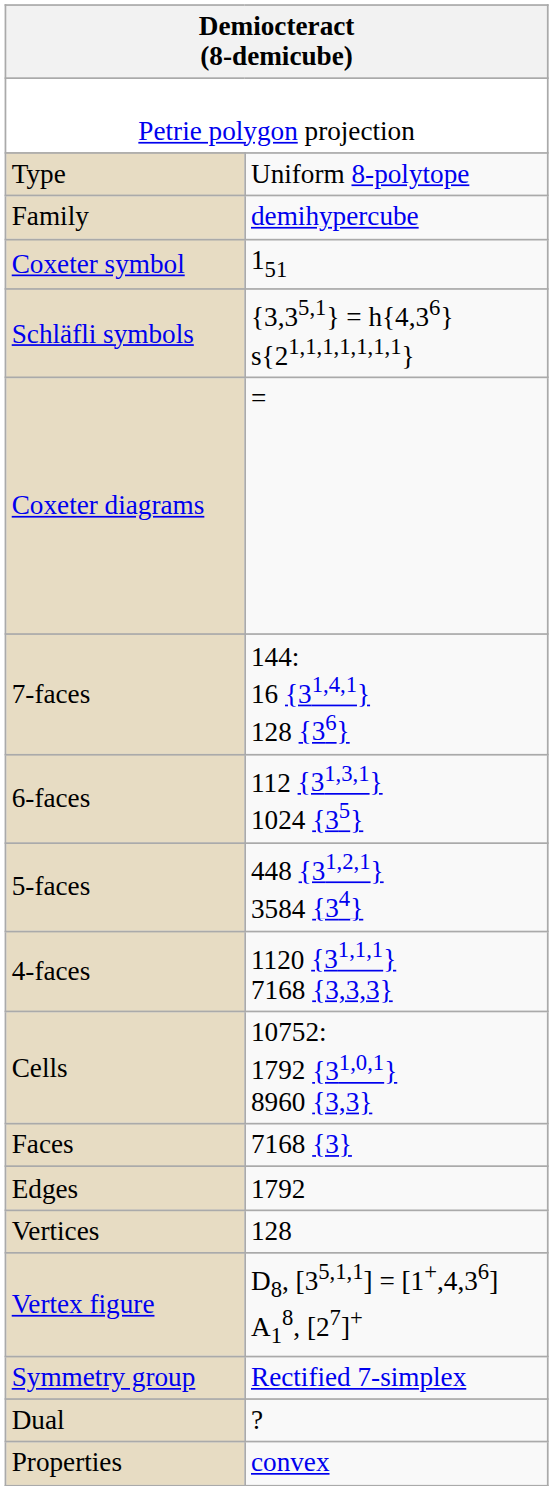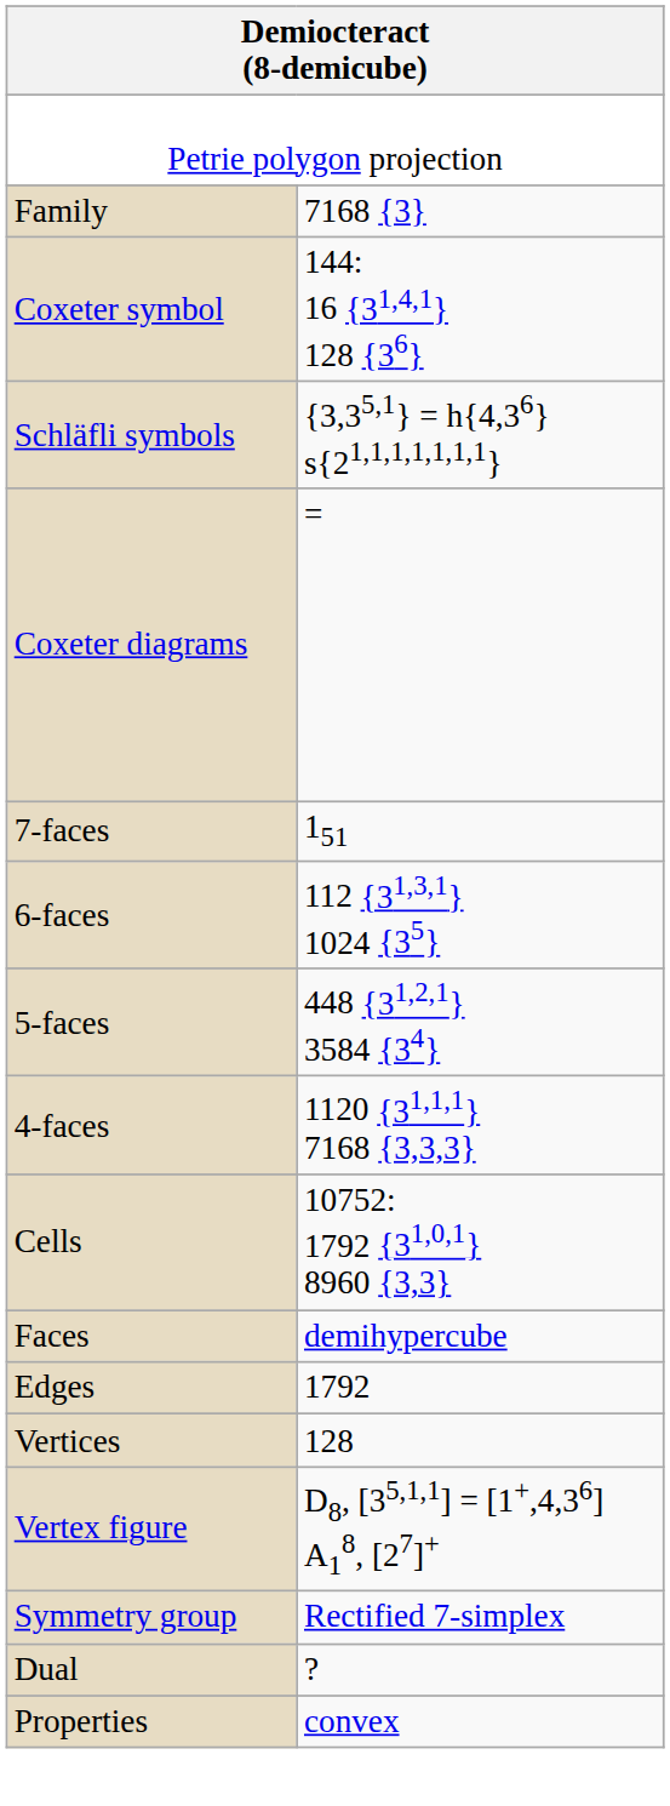 <table class="wikitable" align="right" style="margin-left:10px" width="320">
 <tr>
 <th bgcolor=#e7dcc3 colspan=2>Demiocteract<br>(8-demicube)</th>
 </tr>
 <tr>
 <td bgcolor=#ffffff align=center colspan=2><br><a href='#'>Petrie polygon</a> projection</td>
 </tr>
 <tr>
-<td bgcolor=#e7dcc3>Type</td>
-<td>Uniform <a href='#'>8-polytope</a></td>
-</tr>
-<tr>
 <td bgcolor=#e7dcc3>Family</td>
-<td><a href='#'>demihypercube</a></td>
+<td>7168 <a href='#'>{3}</a></td>
 </tr>
 <tr>
 <td bgcolor=#e7dcc3><a href='#'>Coxeter symbol</a></td>
-<td>1<sub>51</sub></td>
+<td>144:<br>16 <a href='#'>{3<sup>1,4,1</sup>}</a><br>128 <a href='#'>{3<sup>6</sup>}</a></td>
 </tr>
 <tr>
 <td bgcolor=#e7dcc3><a href='#'>Schläfli symbols</a></td>
 <td>{3,3<sup>5,1</sup>} = h{4,3<sup>6</sup>}<br>s{2<sup>1,1,1,1,1,1,1</sup>}</td>
 </tr>
 <tr>
 <td bgcolor=#e7dcc3><a href='#'>Coxeter diagrams</a></td>
 <td> = <br><br><br> <br> <br> <br> <br> <br> </td>
 </tr>
 <tr>
 <td bgcolor=#e7dcc3>7-faces</td>
-<td>144:<br>16 <a href='#'>{3<sup>1,4,1</sup>}</a><br>128 <a href='#'>{3<sup>6</sup>}</a></td>
+<td>1<sub>51</sub></td>
 </tr>
 <tr>
 <td bgcolor=#e7dcc3>6-faces</td>
 <td>112 <a href='#'>{3<sup>1,3,1</sup>}</a><br>1024 <a href='#'>{3<sup>5</sup>}</a></td>
 </tr>
 <tr>
 <td bgcolor=#e7dcc3>5-faces</td>
 <td>448 <a href='#'>{3<sup>1,2,1</sup>}</a><br>3584 <a href='#'>{3<sup>4</sup>}</a></td>
 </tr>
 <tr>
 <td bgcolor=#e7dcc3>4-faces</td>
 <td>1120 <a href='#'>{3<sup>1,1,1</sup>}</a><br>7168 <a href='#'>{3,3,3}</a></td>
 </tr>
 <tr>
 <td bgcolor=#e7dcc3>Cells</td>
 <td>10752:<br>1792 <a href='#'>{3<sup>1,0,1</sup>}</a><br>8960 <a href='#'>{3,3}</a></td>
 </tr>
 <tr>
 <td bgcolor=#e7dcc3>Faces</td>
-<td>7168 <a href='#'>{3}</a></td>
+<td><a href='#'>demihypercube</a></td>
 </tr>
 <tr>
 <td bgcolor=#e7dcc3>Edges</td>
 <td>1792</td>
 </tr>
 <tr>
 <td bgcolor=#e7dcc3>Vertices</td>
 <td>128</td>
 </tr>
 <tr>
 <td bgcolor=#e7dcc3><a href='#'>Vertex figure</a></td>
 <td>D<sub>8</sub>, [3<sup>5,1,1</sup>] = [1<sup>+</sup>,4,3<sup>6</sup>]<br>A<sub>1</sub><sup>8</sup>, [2<sup>7</sup>]<sup>+</sup></td>
 </tr>
 <tr>
 <td bgcolor=#e7dcc3><a href='#'>Symmetry group</a></td>
 <td><a href='#'>Rectified 7-simplex</a><br></td>
 </tr>
 <tr>
 <td bgcolor=#e7dcc3>Dual</td>
 <td>?</td>
 </tr>
 <tr>
 <td bgcolor=#e7dcc3>Properties</td>
 <td><a href='#'>convex</a></td>
 </tr>
 </table>
